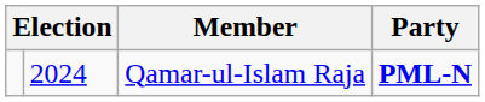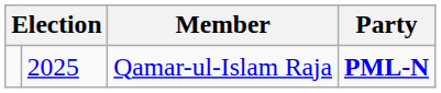 <table class="wikitable">
 <tr>
 <th colspan="2">Election</th>
 <th>Member</th>
 <th>Party</th>
 </tr>
 <tr>
 <td style="background-color: "></td>
-<td><a href='#'>2024</a></td>
+<td><a href='#'>2025</a></td>
 <td><a href='#'>Qamar-ul-Islam Raja</a></td>
 <td><strong><a href='#'>PML-N</a></strong></td>
 </tr>
 </table>
